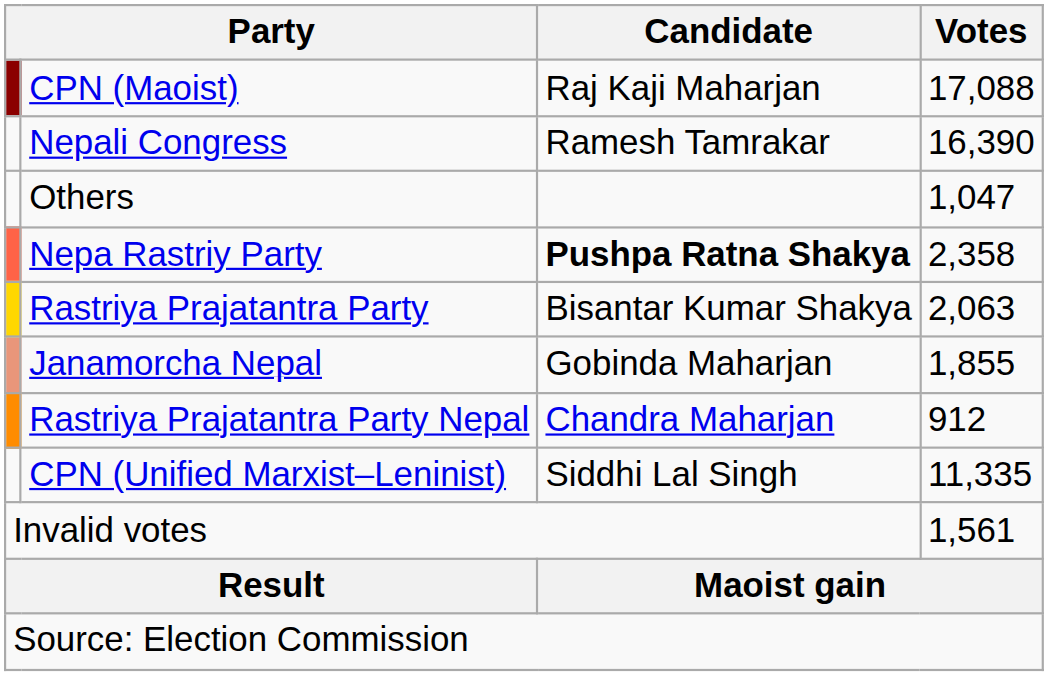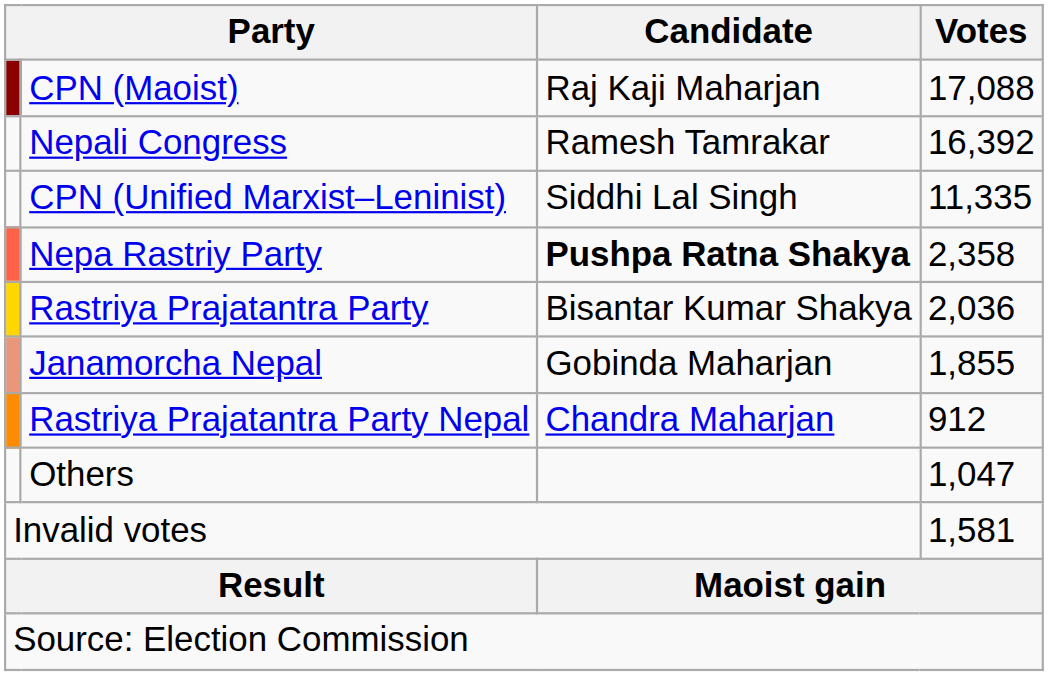 <table class="wikitable">
 <tr>
 <th colspan="2">Party</th>
 <th>Candidate</th>
 <th>Votes</th>
 </tr>
 <tr>
 <td style="background-color:darkred"></td>
 <td><a href='#'>CPN (Maoist)</a></td>
 <td>Raj Kaji Maharjan</td>
 <td>17,088</td>
 </tr>
 <tr>
 <td style="background-color:"></td>
 <td><a href='#'>Nepali Congress</a></td>
 <td>Ramesh Tamrakar</td>
-<td>16,390</td>
+<td>16,392</td>
 </tr>
 <tr>
-<td></td>
-<td>Others</td>
-<td></td>
-<td>1,047</td>
+<td style="background-color:"></td>
+<td><a href='#'>CPN (Unified Marxist–Leninist)</a></td>
+<td>Siddhi Lal Singh</td>
+<td>11,335</td>
 </tr>
 <tr>
 <td style="background-color:tomato"></td>
 <td><a href='#'>Nepa Rastriy Party</a></td>
 <td><strong>Pushpa Ratna Shakya</strong></td>
 <td>2,358</td>
 </tr>
 <tr>
 <td style="background-color:gold"></td>
 <td><a href='#'>Rastriya Prajatantra Party</a></td>
 <td>Bisantar Kumar Shakya</td>
-<td>2,063</td>
+<td>2,036</td>
 </tr>
 <tr>
 <td style="background-color:darksalmon"></td>
 <td><a href='#'>Janamorcha Nepal</a></td>
 <td>Gobinda Maharjan</td>
 <td>1,855</td>
 </tr>
 <tr>
 <td style="background-color:darkorange"></td>
 <td><a href='#'>Rastriya Prajatantra Party Nepal</a></td>
 <td><a href='#'>Chandra Maharjan</a></td>
 <td>912</td>
 </tr>
 <tr>
-<td style="background-color:"></td>
-<td><a href='#'>CPN (Unified Marxist–Leninist)</a></td>
-<td>Siddhi Lal Singh</td>
-<td>11,335</td>
+<td></td>
+<td>Others</td>
+<td></td>
+<td>1,047</td>
 </tr>
 <tr>
 <td colspan="3">Invalid votes</td>
-<td>1,561</td>
+<td>1,581</td>
 </tr>
 <tr>
 <th colspan="2">Result</th>
 <th colspan="2">Maoist gain</th>
 </tr>
 <tr>
 <td colspan="4">Source: Election Commission</td>
 </tr>
 </table>
